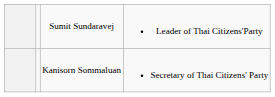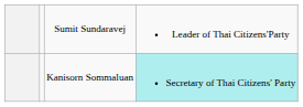 <table class="wikitable" style="font-size:90%; text-align:center;">
 <tr>
 <th style="width:3em; font-size:; background:"></th>
 <td></td>
 <td>Sumit Sundaravej</td>
 <td><br><ul><li>Leader of Thai Citizens'Party</li></ul></td>
 </tr>
 <tr>
 <th style="width:3em; font-size:; background:"></th>
 <td></td>
 <td>Kanisorn Sommaluan</td>
-<td><br><ul><li>Secretary of Thai Citizens' Party</li></ul></td>
+<td style="background: paleturquoise;"><br><ul><li>Secretary of Thai Citizens' Party</li></ul></td>
 </tr>
 </table>
